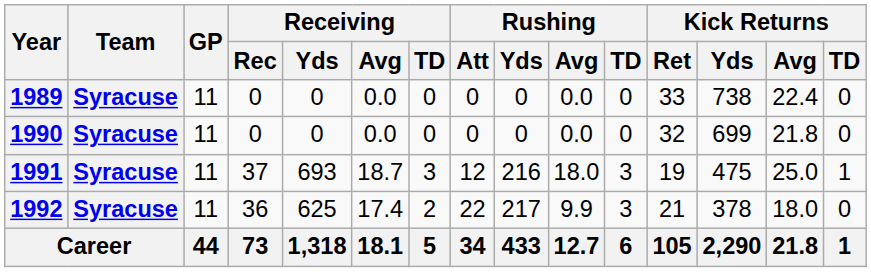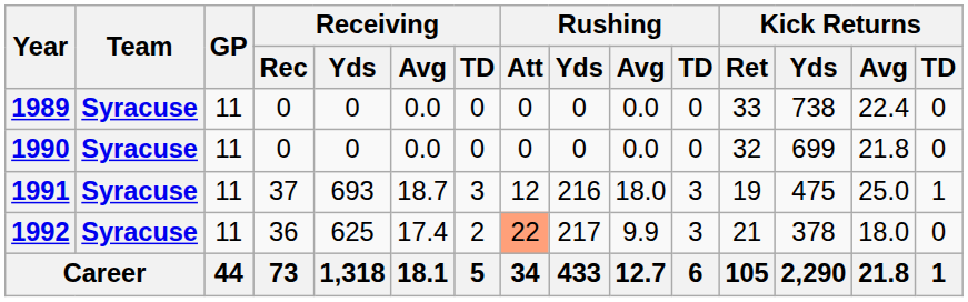 <table class="wikitable" style="text-align:center;">
 <tr>
 <th rowspan="2">Year</th>
 <th rowspan="2">Team</th>
 <th rowspan="2">GP</th>
 <th colspan="4">Receiving</th>
 <th colspan="4">Rushing</th>
 <th colspan="4">Kick Returns</th>
 </tr>
 <tr>
 <th>Rec</th>
 <th>Yds</th>
 <th>Avg</th>
 <th>TD</th>
 <th>Att</th>
 <th>Yds</th>
 <th>Avg</th>
 <th>TD</th>
 <th>Ret</th>
 <th>Yds</th>
 <th>Avg</th>
 <th>TD</th>
 </tr>
 <tr>
 <th><a href='#'>1989</a></th>
 <th><a href='#'>Syracuse</a></th>
 <td>11</td>
 <td>0</td>
 <td>0</td>
 <td>0.0</td>
 <td>0</td>
 <td>0</td>
 <td>0</td>
 <td>0.0</td>
 <td>0</td>
 <td>33</td>
 <td>738</td>
 <td>22.4</td>
 <td>0</td>
 </tr>
 <tr>
 <th><a href='#'>1990</a></th>
 <th><a href='#'>Syracuse</a></th>
 <td>11</td>
 <td>0</td>
 <td>0</td>
 <td>0.0</td>
 <td>0</td>
 <td>0</td>
 <td>0</td>
 <td>0.0</td>
 <td>0</td>
 <td>32</td>
 <td>699</td>
 <td>21.8</td>
 <td>0</td>
 </tr>
 <tr>
 <th><a href='#'>1991</a></th>
 <th><a href='#'>Syracuse</a></th>
 <td>11</td>
 <td>37</td>
 <td>693</td>
 <td>18.7</td>
 <td>3</td>
 <td>12</td>
 <td>216</td>
 <td>18.0</td>
 <td>3</td>
 <td>19</td>
 <td>475</td>
 <td>25.0</td>
 <td>1</td>
 </tr>
 <tr>
 <th><a href='#'>1992</a></th>
 <th><a href='#'>Syracuse</a></th>
 <td>11</td>
 <td>36</td>
 <td>625</td>
 <td>17.4</td>
 <td>2</td>
-<td>22</td>
+<td style="background: lightsalmon;">22</td>
 <td>217</td>
 <td>9.9</td>
 <td>3</td>
 <td>21</td>
 <td>378</td>
 <td>18.0</td>
 <td>0</td>
 </tr>
 <tr>
 <th colspan="2">Career</th>
 <th>44</th>
 <th>73</th>
 <th>1,318</th>
 <th>18.1</th>
 <th>5</th>
 <th>34</th>
 <th>433</th>
 <th>12.7</th>
 <th>6</th>
 <th>105</th>
 <th>2,290</th>
 <th>21.8</th>
 <th>1</th>
 </tr>
 </table>
